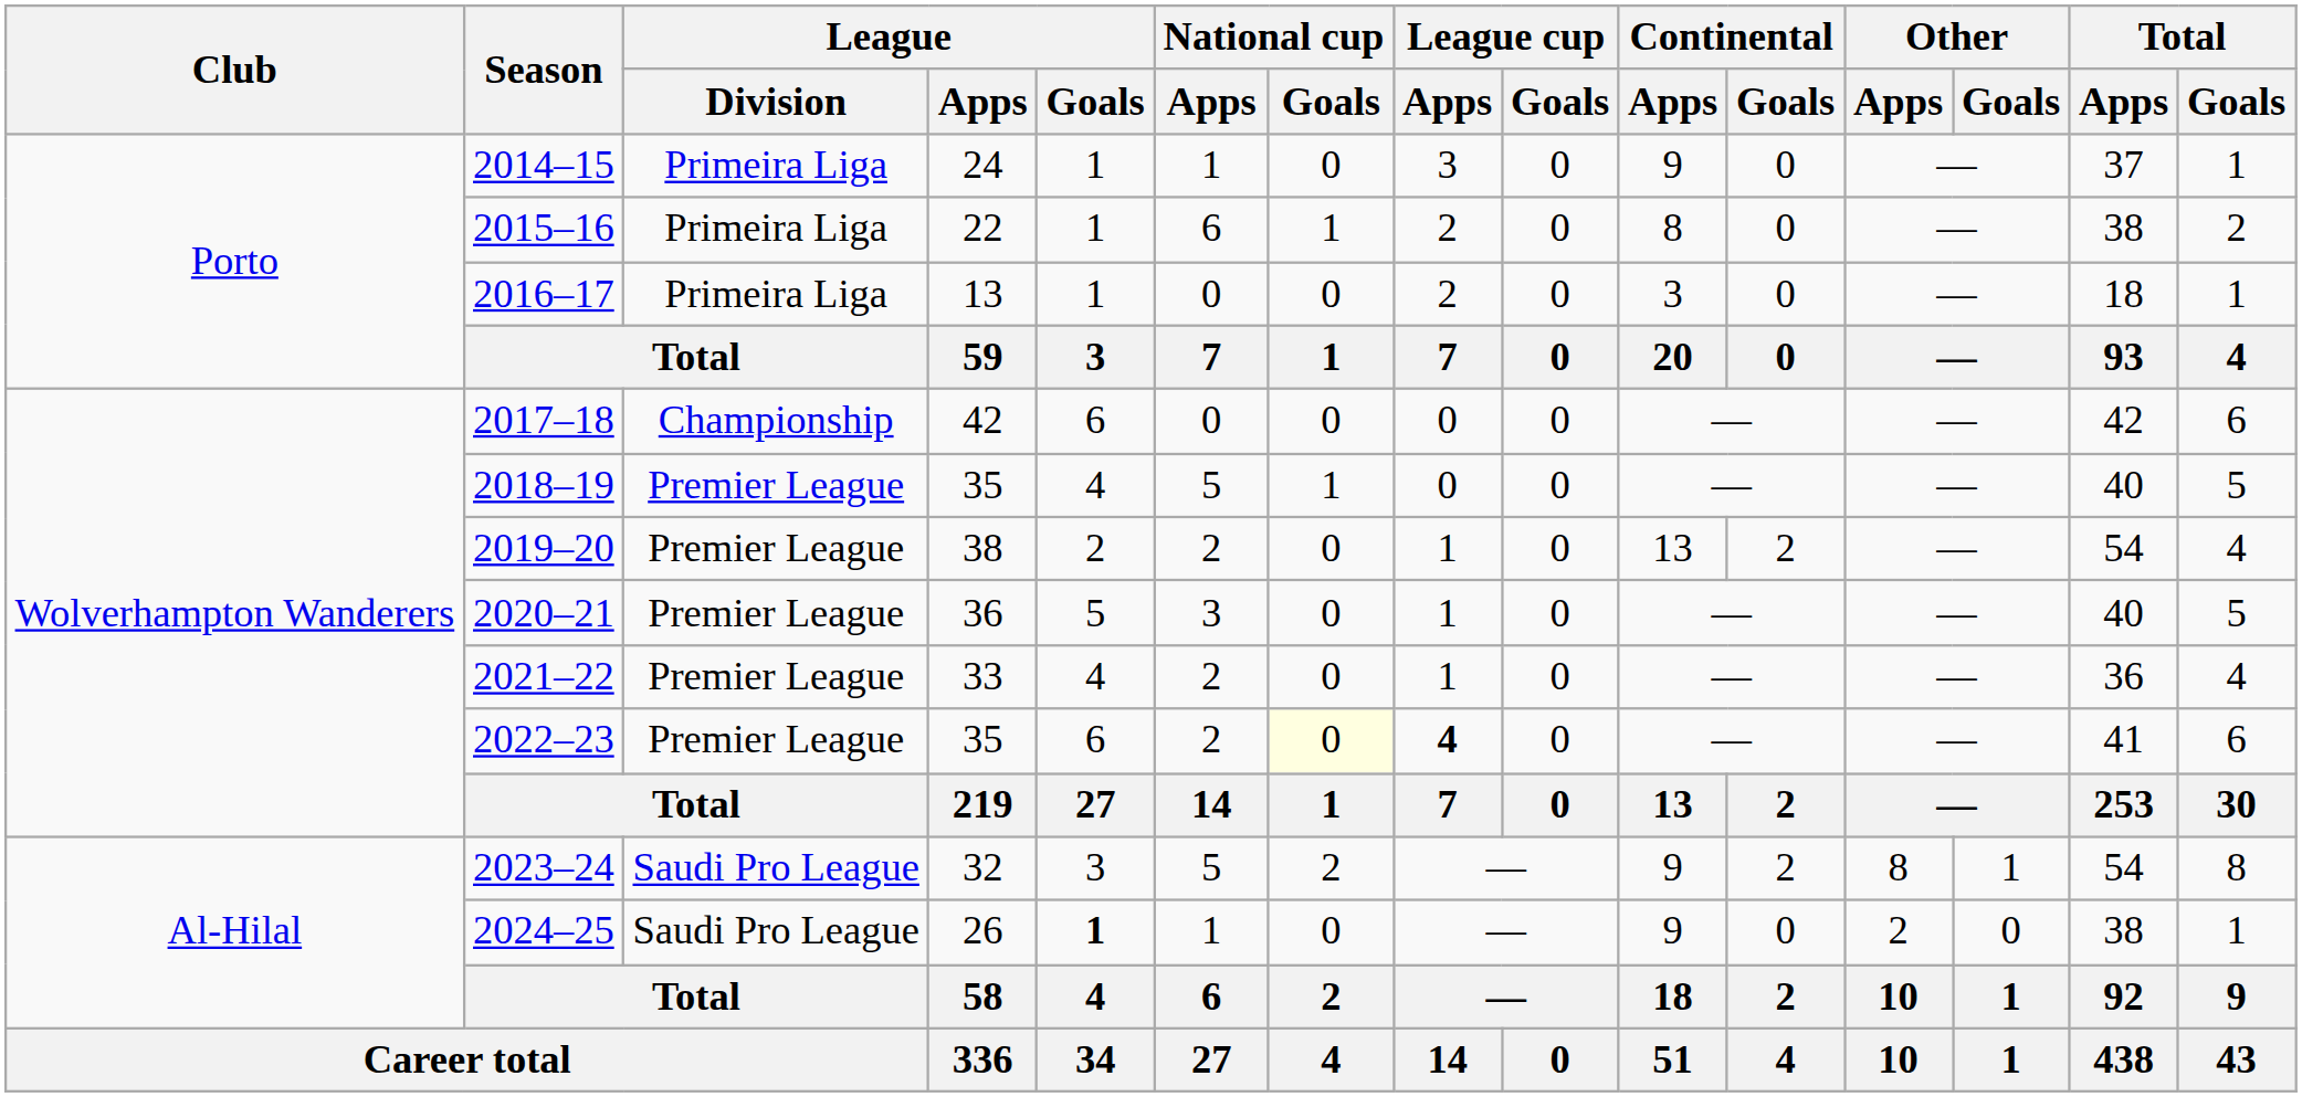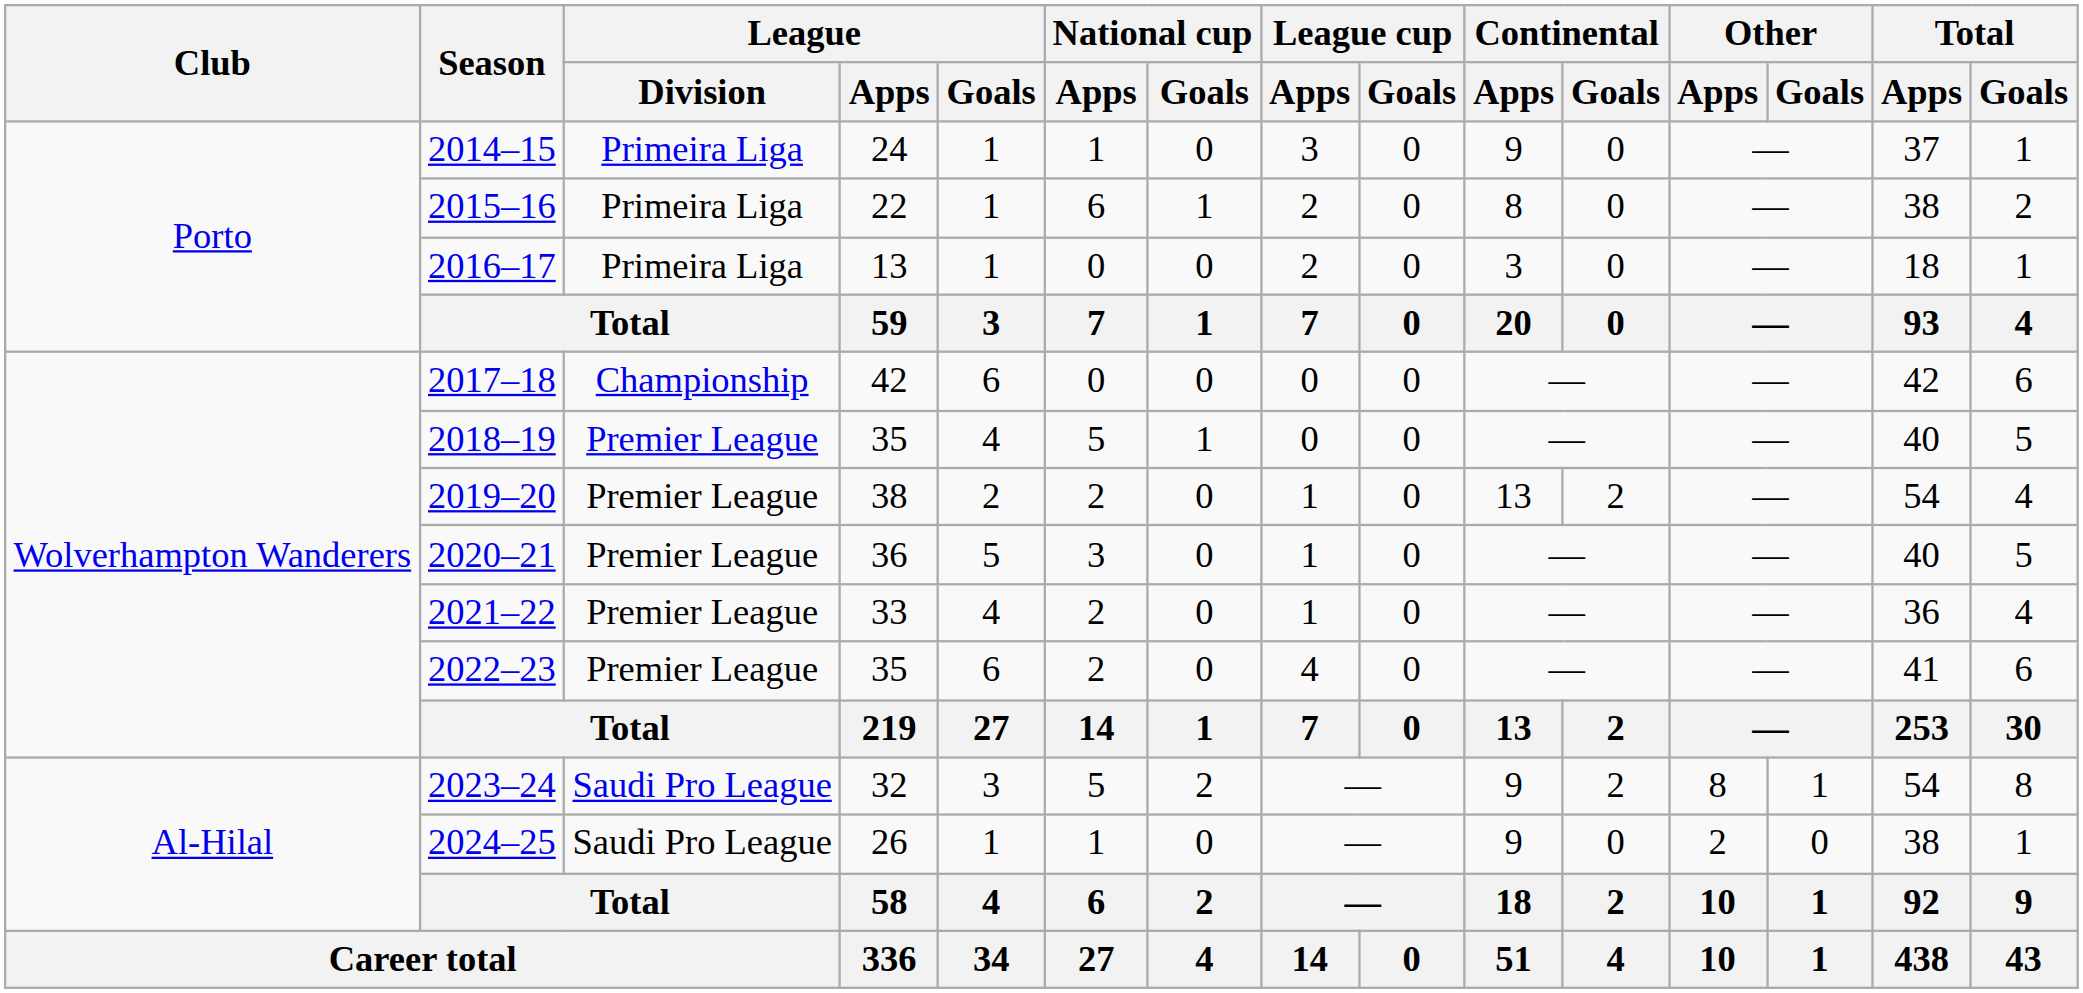 <table class="wikitable" style="text-align: center;">
 <tr>
 <th rowspan=2>Club</th>
 <th rowspan=2>Season</th>
 <th colspan=3>League</th>
 <th colspan=2>National cup</th>
 <th colspan=2>League cup</th>
 <th colspan=2>Continental</th>
 <th colspan=2>Other</th>
 <th colspan=2>Total</th>
 </tr>
 <tr>
 <th>Division</th>
 <th>Apps</th>
 <th>Goals</th>
 <th>Apps</th>
 <th>Goals</th>
 <th>Apps</th>
 <th>Goals</th>
 <th>Apps</th>
 <th>Goals</th>
 <th>Apps</th>
 <th>Goals</th>
 <th>Apps</th>
 <th>Goals</th>
 </tr>
 <tr>
 <td rowspan=4><a href='#'>Porto</a></td>
 <td><a href='#'>2014–15</a></td>
 <td><a href='#'>Primeira Liga</a></td>
 <td>24</td>
 <td>1</td>
 <td>1</td>
 <td>0</td>
 <td>3</td>
 <td>0</td>
 <td>9</td>
 <td>0</td>
 <td colspan=2>—</td>
 <td>37</td>
 <td>1</td>
 </tr>
 <tr>
 <td><a href='#'>2015–16</a></td>
 <td>Primeira Liga</td>
 <td>22</td>
 <td>1</td>
 <td>6</td>
 <td>1</td>
 <td>2</td>
 <td>0</td>
 <td>8</td>
 <td>0</td>
 <td colspan=2>—</td>
 <td>38</td>
 <td>2</td>
 </tr>
 <tr>
 <td><a href='#'>2016–17</a></td>
 <td>Primeira Liga</td>
 <td>13</td>
 <td>1</td>
 <td>0</td>
 <td>0</td>
 <td>2</td>
 <td>0</td>
 <td>3</td>
 <td>0</td>
 <td colspan=2>—</td>
 <td>18</td>
 <td>1</td>
 </tr>
 <tr>
 <th colspan=2>Total</th>
 <th>59</th>
 <th>3</th>
 <th>7</th>
 <th>1</th>
 <th>7</th>
 <th>0</th>
 <th>20</th>
 <th>0</th>
 <th colspan=2>—</th>
 <th>93</th>
 <th>4</th>
 </tr>
 <tr>
 <td rowspan=7><a href='#'>Wolverhampton Wanderers</a></td>
 <td><a href='#'>2017–18</a></td>
 <td><a href='#'>Championship</a></td>
 <td>42</td>
 <td>6</td>
 <td>0</td>
 <td>0</td>
 <td>0</td>
 <td>0</td>
 <td colspan=2>—</td>
 <td colspan=2>—</td>
 <td>42</td>
 <td>6</td>
 </tr>
 <tr>
 <td><a href='#'>2018–19</a></td>
 <td><a href='#'>Premier League</a></td>
 <td>35</td>
 <td>4</td>
 <td>5</td>
 <td>1</td>
 <td>0</td>
 <td>0</td>
 <td colspan=2>—</td>
 <td colspan=2>—</td>
 <td>40</td>
 <td>5</td>
 </tr>
 <tr>
 <td><a href='#'>2019–20</a></td>
 <td>Premier League</td>
 <td>38</td>
 <td>2</td>
 <td>2</td>
 <td>0</td>
 <td>1</td>
 <td>0</td>
 <td>13</td>
 <td>2</td>
 <td colspan=2>—</td>
 <td>54</td>
 <td>4</td>
 </tr>
 <tr>
 <td><a href='#'>2020–21</a></td>
 <td>Premier League</td>
 <td>36</td>
 <td>5</td>
 <td>3</td>
 <td>0</td>
 <td>1</td>
 <td>0</td>
 <td colspan=2>—</td>
 <td colspan=2>—</td>
 <td>40</td>
 <td>5</td>
 </tr>
 <tr>
 <td><a href='#'>2021–22</a></td>
 <td>Premier League</td>
 <td>33</td>
 <td>4</td>
 <td>2</td>
 <td>0</td>
 <td>1</td>
 <td>0</td>
 <td colspan=2>—</td>
 <td colspan=2>—</td>
 <td>36</td>
 <td>4</td>
 </tr>
 <tr>
 <td><a href='#'>2022–23</a></td>
 <td>Premier League</td>
 <td>35</td>
 <td>6</td>
 <td>2</td>
-<td style="background: lightyellow;">0</td>
-<td><strong>4</strong></td>
+<td>0</td>
+<td>4</td>
 <td>0</td>
 <td colspan=2>—</td>
 <td colspan=2>—</td>
 <td>41</td>
 <td>6</td>
 </tr>
 <tr>
 <th colspan=2>Total</th>
 <th>219</th>
 <th>27</th>
 <th>14</th>
 <th>1</th>
 <th>7</th>
 <th>0</th>
 <th>13</th>
 <th>2</th>
 <th colspan=2>—</th>
 <th>253</th>
 <th>30</th>
 </tr>
 <tr>
 <td rowspan=3><a href='#'>Al-Hilal</a></td>
 <td><a href='#'>2023–24</a></td>
 <td><a href='#'>Saudi Pro League</a></td>
 <td>32</td>
 <td>3</td>
 <td>5</td>
 <td>2</td>
 <td colspan=2>—</td>
 <td>9</td>
 <td>2</td>
 <td>8</td>
 <td>1</td>
 <td>54</td>
 <td>8</td>
 </tr>
 <tr>
 <td><a href='#'>2024–25</a></td>
 <td>Saudi Pro League</td>
 <td>26</td>
-<td><strong>1</strong></td>
+<td>1</td>
 <td>1</td>
 <td>0</td>
 <td colspan=2>—</td>
 <td>9</td>
 <td>0</td>
 <td>2</td>
 <td>0</td>
 <td>38</td>
 <td>1</td>
 </tr>
 <tr>
 <th colspan=2>Total</th>
 <th>58</th>
 <th>4</th>
 <th>6</th>
 <th>2</th>
 <th colspan=2>—</th>
 <th>18</th>
 <th>2</th>
 <th>10</th>
 <th>1</th>
 <th>92</th>
 <th>9</th>
 </tr>
 <tr>
 <th colspan=3>Career total</th>
 <th>336</th>
 <th>34</th>
 <th>27</th>
 <th>4</th>
 <th>14</th>
 <th>0</th>
 <th>51</th>
 <th>4</th>
 <th>10</th>
 <th>1</th>
 <th>438</th>
 <th>43</th>
 </tr>
 </table>
